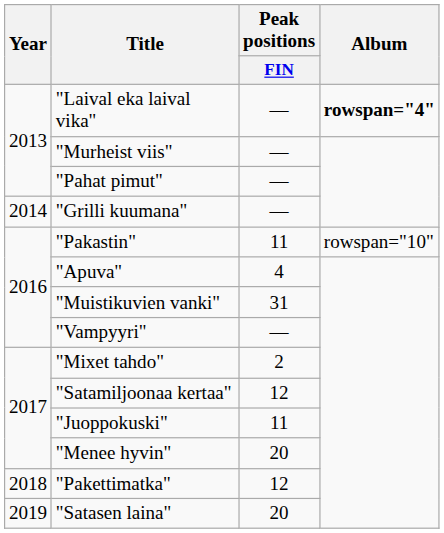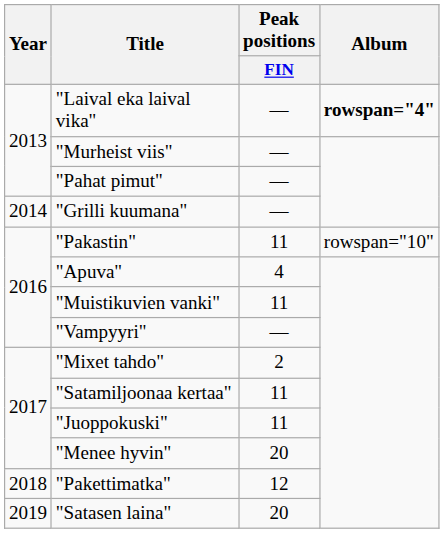 <table class="wikitable">
 <tr>
 <th align="center" rowspan="2" width="10">Year</th>
 <th align="center" rowspan="2" width="150">Title</th>
 <th align="center" colspan="1" width="20">Peak positions</th>
 <th align="center" rowspan="2">Album</th>
 </tr>
 <tr>
 <th scope="col" style="width:3em;font-size:90%;"><a href='#'>FIN</a><br></th>
 </tr>
 <tr>
 <td style="text-align:center;" rowspan="3">2013</td>
 <td>"Laival eka laival vika"</td>
 <td style="text-align:center;">—</td>
 <td><strong>rowspan="4" </strong></td>
 </tr>
 <tr>
 <td>"Murheist viis"<br></td>
 <td style="text-align:center;">—</td>
 </tr>
 <tr>
 <td>"Pahat pimut"<br></td>
 <td style="text-align:center;">—</td>
 </tr>
 <tr>
 <td style="text-align:center;">2014</td>
 <td>"Grilli kuumana"<br></td>
 <td style="text-align:center;">—</td>
 </tr>
 <tr>
 <td style="text-align:center;" rowspan="4">2016</td>
 <td>"Pakastin"</td>
 <td style="text-align:center;">11<br></td>
 <td>rowspan="10" </td>
 </tr>
 <tr>
 <td>"Apuva"</td>
 <td style="text-align:center;">4</td>
 </tr>
 <tr>
 <td>"Muistikuvien vanki"<br></td>
-<td style="text-align:center;">31</td>
+<td style="text-align:center;">11<br></td>
 </tr>
 <tr>
 <td>"Vampyyri"</td>
 <td style="text-align:center;">—</td>
 </tr>
 <tr>
 <td style="text-align:center;" rowspan="4">2017</td>
 <td>"Mixet tahdo"<br></td>
 <td style="text-align:center;">2<br></td>
 </tr>
 <tr>
 <td>"Satamiljoonaa kertaa"<br></td>
-<td style="text-align:center;">12<br></td>
+<td style="text-align:center;">11<br></td>
 </tr>
 <tr>
 <td>"Juoppokuski"<br></td>
 <td style="text-align:center;">11<br></td>
 </tr>
 <tr>
 <td>"Menee hyvin"<br></td>
 <td style="text-align:center;">20<br></td>
 </tr>
 <tr>
 <td style="text-align:center;">2018</td>
 <td>"Pakettimatka"<br></td>
 <td style="text-align:center;">12<br></td>
 </tr>
 <tr>
 <td style="text-align:center;">2019</td>
 <td>"Satasen laina"</td>
 <td style="text-align:center;">20<br></td>
 </tr>
 </table>
